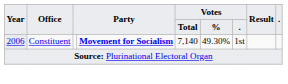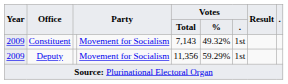 <table class="wikitable" style="font-size:90%; text-align:center;">
 <tr>
 <th style="background-color:#EAECF0;" rowspan=2>Year</th>
 <th style="background-color:#EAECF0;" rowspan=2>Office</th>
 <th style="background-color:#EAECF0;" colspan=2 rowspan=2>Party</th>
 <th style="background-color:#EAECF0;" colspan=3>Votes</th>
 <th style="background-color:#EAECF0;" rowspan=2>Result</th>
 <th style="background-color:#EAECF0;" rowspan=2>.</th>
 </tr>
 <tr>
 <th style="background-color:#EAECF0;">Total</th>
 <th style="background-color:#EAECF0;">%</th>
 <th style="background-color:#EAECF0;">.</th>
 </tr>
 <tr>
-<td style="background-color:#EAECF0;"><a href='#'>2006</a></td>
+<td style="background-color:#EAECF0;"><a href='#'>2009</a></td>
 <td><a href='#'>Constituent</a></td>
 <td style="background-color:"></td>
-<td><strong><a href='#'>Movement for Socialism</a></strong></td>
-<td>7,140</td>
-<td>49.30%</td>
+<td><a href='#'>Movement for Socialism</a></td>
+<td>7,143</td>
+<td>49.32%</td>
+<td>1st</td>
+<td></td>
+<td></td>
+</tr>
+<tr>
+<td style="background-color:#EAECF0;"><a href='#'>2009</a></td>
+<td><a href='#'>Deputy</a></td>
+<td style="background-color:"></td>
+<td><a href='#'>Movement for Socialism</a></td>
+<td>11,356</td>
+<td>59.29%</td>
 <td>1st</td>
 <td></td>
 <td></td>
 </tr>
 <tr>
 <td style="background-color:#EAECF0;" colspan=9><strong>Source:</strong> <a href='#'>Plurinational Electoral Organ</a>  </td>
 </tr>
 </table>
